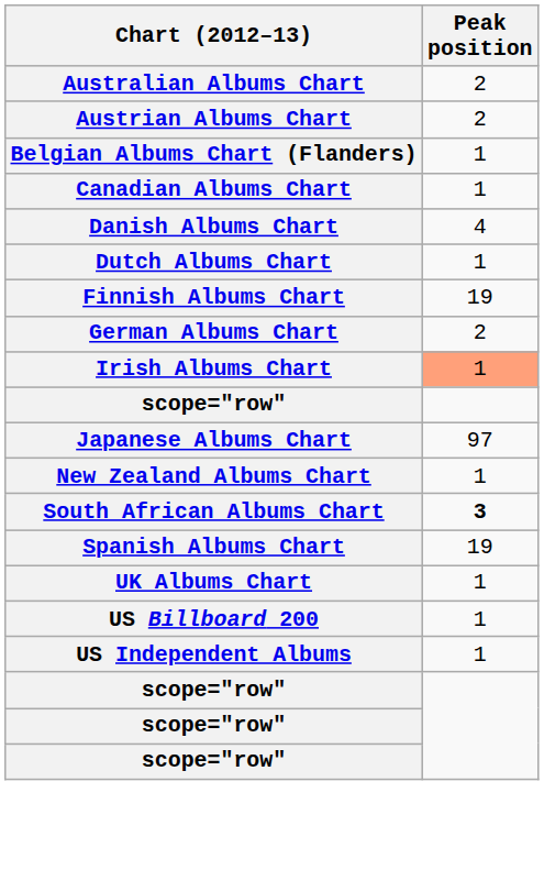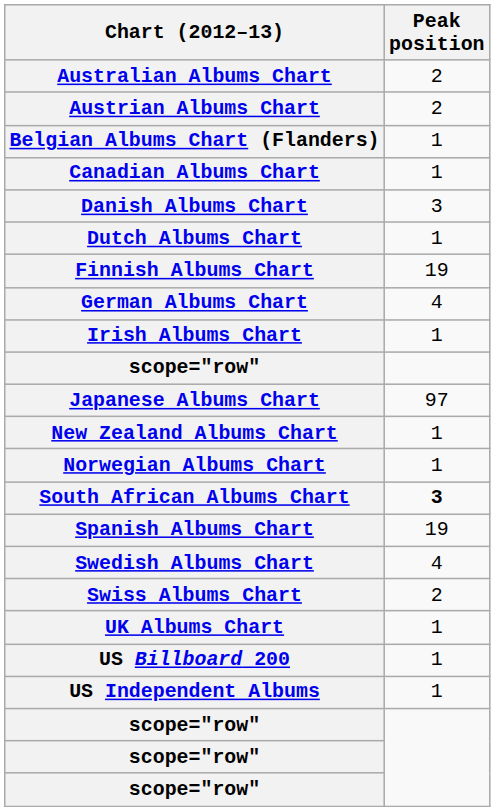 <table class="wikitable sortable plainrowheaders">
 <tr>
 <th>Chart (2012–13)</th>
 <th>Peak<br>position</th>
 </tr>
 <tr>
 <th scope="row"><a href='#'>Australian Albums Chart</a></th>
 <td style="text-align:center;">2</td>
 </tr>
 <tr>
 <th scope="row"><a href='#'>Austrian Albums Chart</a></th>
 <td style="text-align:center;">2</td>
 </tr>
 <tr>
 <th scope="row"><a href='#'>Belgian Albums Chart</a> (Flanders)</th>
 <td style="text-align:center;">1</td>
 </tr>
 <tr>
 <th scope="row"><a href='#'>Canadian Albums Chart</a></th>
 <td style="text-align:center;">1</td>
 </tr>
 <tr>
 <th scope="row"><a href='#'>Danish Albums Chart</a></th>
-<td style="text-align:center;">4</td>
+<td style="text-align:center;">3</td>
 </tr>
 <tr>
 <th scope="row"><a href='#'>Dutch Albums Chart</a></th>
 <td style="text-align:center;">1</td>
 </tr>
 <tr>
 <th scope="row"><a href='#'>Finnish Albums Chart</a></th>
 <td style="text-align:center;">19</td>
 </tr>
 <tr>
 <th scope="row"><a href='#'>German Albums Chart</a></th>
-<td style="text-align:center;">2</td>
+<td style="text-align:center;">4</td>
 </tr>
 <tr>
 <th scope="row"><a href='#'>Irish Albums Chart</a></th>
-<td style="background: lightsalmon; text-align:center;">1</td>
+<td style="text-align:center;">1</td>
 </tr>
 <tr>
 <th>scope="row" </th>
 </tr>
 <tr>
 <th scope="row"><a href='#'>Japanese Albums Chart</a></th>
 <td style="text-align:center;">97</td>
 </tr>
 <tr>
 <th scope="row"><a href='#'>New Zealand Albums Chart</a></th>
 <td style="text-align:center;">1</td>
 </tr>
 <tr>
+<th scope="row"><a href='#'>Norwegian Albums Chart</a></th>
+<td style="text-align:center;">1</td>
+</tr>
+<tr>
 <th scope="row"><a href='#'>South African Albums Chart</a></th>
 <td style="text-align:center;"><strong>3</strong></td>
 </tr>
 <tr>
 <th scope="row"><a href='#'>Spanish Albums Chart</a></th>
 <td style="text-align:center;">19</td>
+</tr>
+<tr>
+<th scope="row"><a href='#'>Swedish Albums Chart</a></th>
+<td style="text-align:center;">4</td>
+</tr>
+<tr>
+<th scope="row"><a href='#'>Swiss Albums Chart</a></th>
+<td style="text-align:center;">2</td>
 </tr>
 <tr>
 <th scope="row"><a href='#'>UK Albums Chart</a></th>
 <td style="text-align:center;">1</td>
 </tr>
 <tr>
 <th scope="row">US <a href='#'><em>Billboard</em> 200</a></th>
 <td style="text-align:center;">1</td>
 </tr>
 <tr>
 <th scope="row">US <a href='#'>Independent Albums</a></th>
 <td style="text-align:center;">1</td>
 </tr>
 <tr>
 <th>scope="row" </th>
 </tr>
 <tr>
 <th>scope="row" </th>
 </tr>
 <tr>
 <th>scope="row" </th>
 </tr>
 </table>
